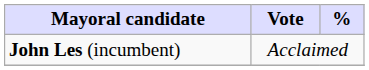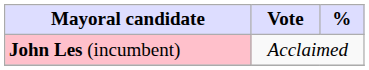 <table class="wikitable">
 <tr>
 <th style="background:#ddf;" width="200px">Mayoral candidate</th>
 <th style="background:#ddf;" width="50px">Vote</th>
 <th style="background:#ddf;" width="30px">%</th>
 </tr>
 <tr>
-<td><strong>John Les</strong> (incumbent)</td>
+<td style="background: pink;"><strong>John Les</strong> (incumbent)</td>
 <td colspan=2 style="text-align: center;"><em>Acclaimed</em></td>
 </tr>
 <tr>
 </tr>
 </table>
